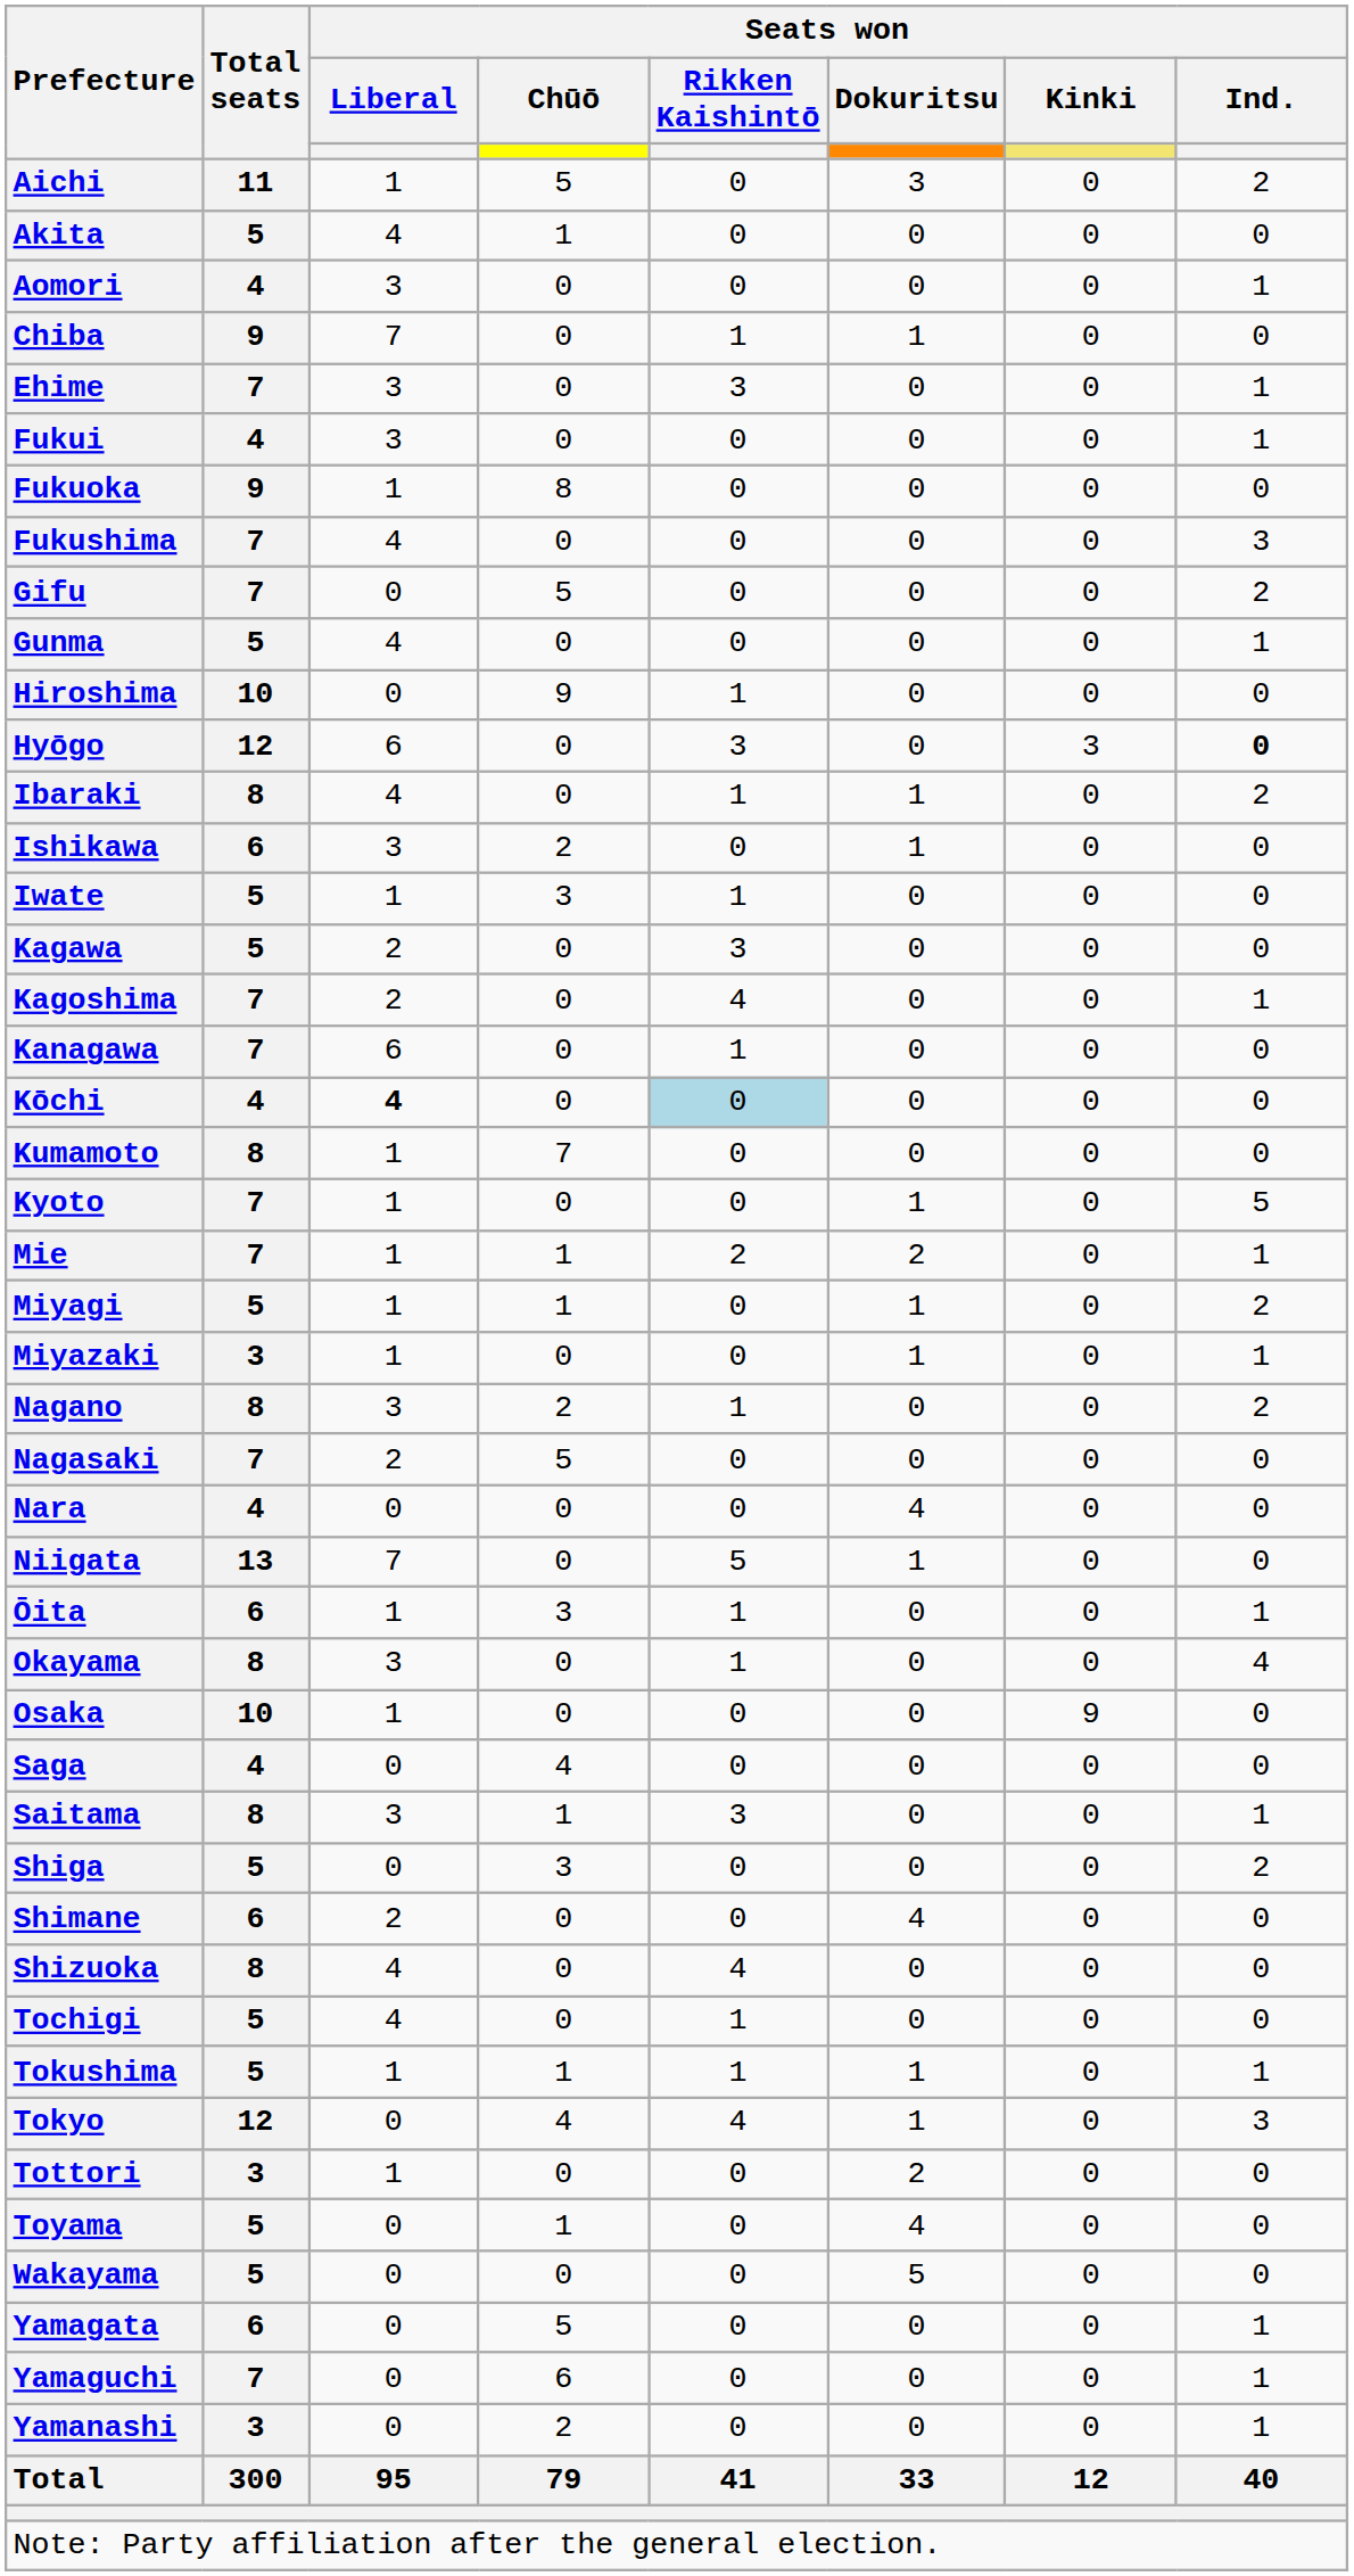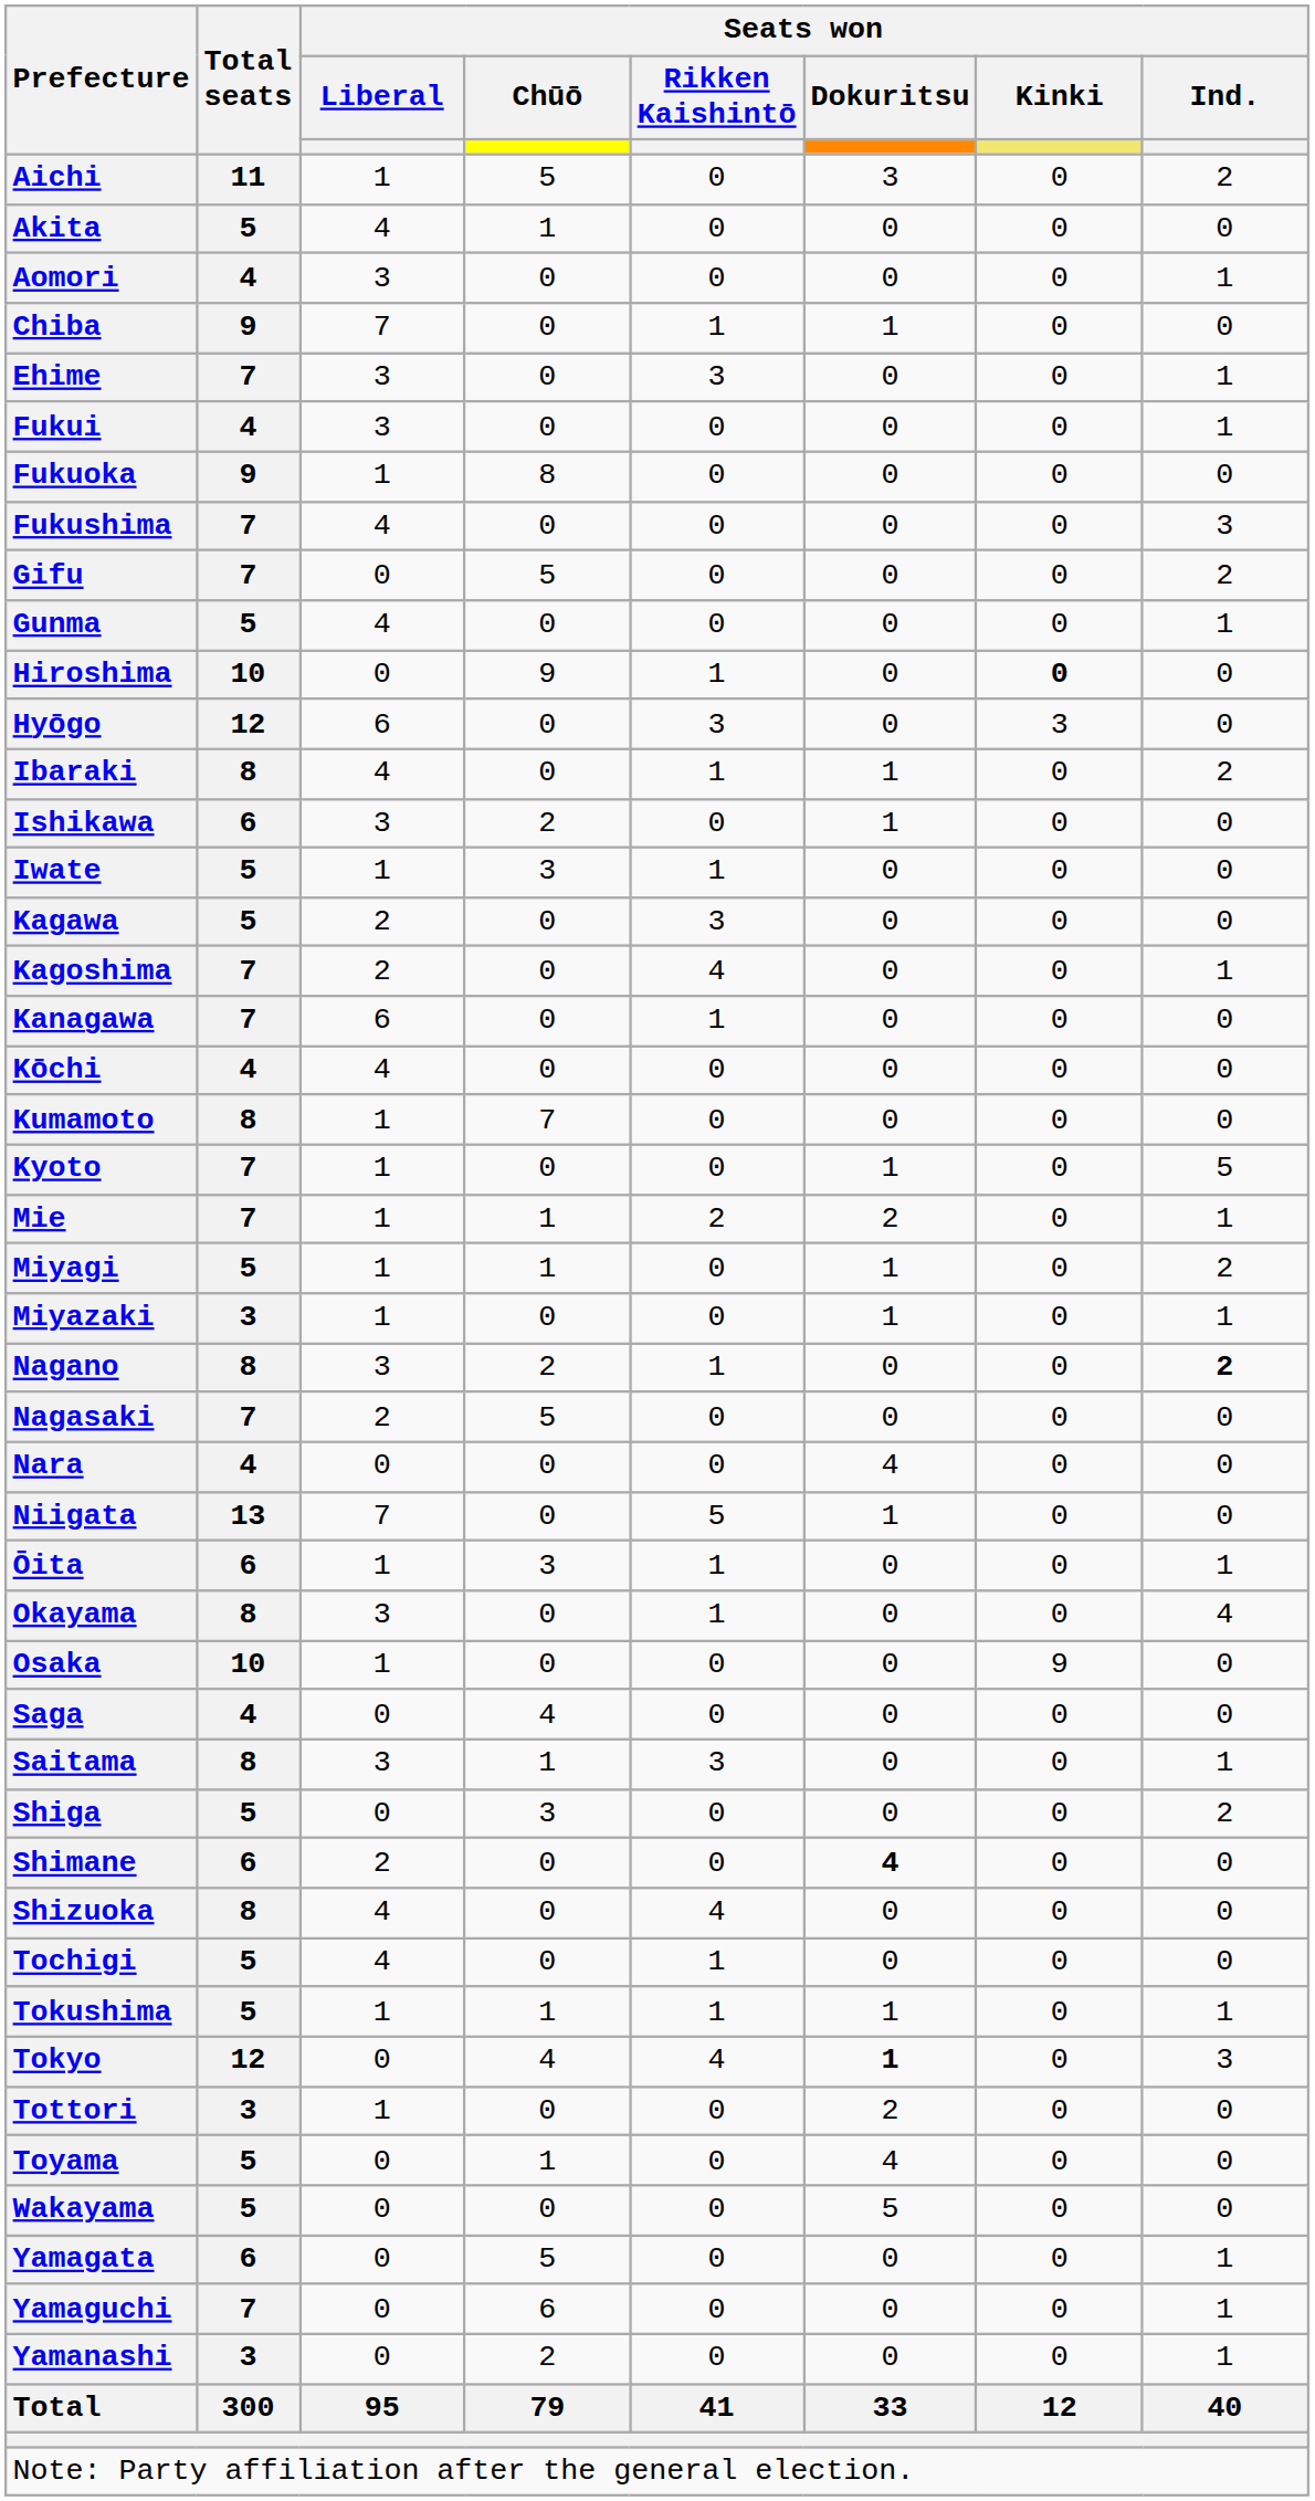 <table class="wikitable" style="text-align:center; font-size: 0.9em;">
 <tr>
 <th rowspan="3">Prefecture</th>
 <th rowspan="3">Total<br>seats</th>
 <th colspan="6">Seats won</th>
 </tr>
 <tr>
 <th class="unsortable" style="width:60px;"><a href='#'>Liberal</a></th>
 <th class="unsortable" style="width:60px;">Chūō</th>
 <th class="unsortable" style="width:60px;"><a href='#'>Rikken Kaishintō</a></th>
 <th class="unsortable" style="width:60px;">Dokuritsu</th>
 <th class="unsortable" style="width:60px;">Kinki</th>
 <th class="unsortable" style="width:60px;">Ind.</th>
 </tr>
 <tr>
 <th style="background:"></th>
 <th style="background:#FFFF00;"></th>
 <th style="background:"></th>
 <th style="background:#FF8800;"></th>
 <th style="background:#F2E671;"></th>
 <th style="background:"></th>
 </tr>
 <tr>
 <th style="text-align: left;"><a href='#'>Aichi</a></th>
 <th>11</th>
 <td>1</td>
 <td>5</td>
 <td>0</td>
 <td>3</td>
 <td>0</td>
 <td>2</td>
 </tr>
 <tr>
 <th style="text-align: left;"><a href='#'>Akita</a></th>
 <th>5</th>
 <td>4</td>
 <td>1</td>
 <td>0</td>
 <td>0</td>
 <td>0</td>
 <td>0</td>
 </tr>
 <tr>
 <th style="text-align: left;"><a href='#'>Aomori</a></th>
 <th>4</th>
 <td>3</td>
 <td>0</td>
 <td>0</td>
 <td>0</td>
 <td>0</td>
 <td>1</td>
 </tr>
 <tr>
 <th style="text-align: left;"><a href='#'>Chiba</a></th>
 <th>9</th>
 <td>7</td>
 <td>0</td>
 <td>1</td>
 <td>1</td>
 <td>0</td>
 <td>0</td>
 </tr>
 <tr>
 <th style="text-align: left;"><a href='#'>Ehime</a></th>
 <th>7</th>
 <td>3</td>
 <td>0</td>
 <td>3</td>
 <td>0</td>
 <td>0</td>
 <td>1</td>
 </tr>
 <tr>
 <th style="text-align: left;"><a href='#'>Fukui</a></th>
 <th>4</th>
 <td>3</td>
 <td>0</td>
 <td>0</td>
 <td>0</td>
 <td>0</td>
 <td>1</td>
 </tr>
 <tr>
 <th style="text-align: left;"><a href='#'>Fukuoka</a></th>
 <th>9</th>
 <td>1</td>
 <td>8</td>
 <td>0</td>
 <td>0</td>
 <td>0</td>
 <td>0</td>
 </tr>
 <tr>
 <th style="text-align: left;"><a href='#'>Fukushima</a></th>
 <th>7</th>
 <td>4</td>
 <td>0</td>
 <td>0</td>
 <td>0</td>
 <td>0</td>
 <td>3</td>
 </tr>
 <tr>
 <th style="text-align: left;"><a href='#'>Gifu</a></th>
 <th>7</th>
 <td>0</td>
 <td>5</td>
 <td>0</td>
 <td>0</td>
 <td>0</td>
 <td>2</td>
 </tr>
 <tr>
 <th style="text-align: left;"><a href='#'>Gunma</a></th>
 <th>5</th>
 <td>4</td>
 <td>0</td>
 <td>0</td>
 <td>0</td>
 <td>0</td>
 <td>1</td>
 </tr>
 <tr>
 <th style="text-align: left;"><a href='#'>Hiroshima</a></th>
 <th>10</th>
 <td>0</td>
 <td>9</td>
 <td>1</td>
 <td>0</td>
-<td>0</td>
+<td><strong>0</strong></td>
 <td>0</td>
 </tr>
 <tr>
 <th style="text-align: left;"><a href='#'>Hyōgo</a></th>
 <th>12</th>
 <td>6</td>
 <td>0</td>
 <td>3</td>
 <td>0</td>
 <td>3</td>
-<td><strong>0</strong></td>
+<td>0</td>
 </tr>
 <tr>
 <th style="text-align: left;"><a href='#'>Ibaraki</a></th>
 <th>8</th>
 <td>4</td>
 <td>0</td>
 <td>1</td>
 <td>1</td>
 <td>0</td>
 <td>2</td>
 </tr>
 <tr>
 <th style="text-align: left;"><a href='#'>Ishikawa</a></th>
 <th>6</th>
 <td>3</td>
 <td>2</td>
 <td>0</td>
 <td>1</td>
 <td>0</td>
 <td>0</td>
 </tr>
 <tr>
 <th style="text-align: left;"><a href='#'>Iwate</a></th>
 <th>5</th>
 <td>1</td>
 <td>3</td>
 <td>1</td>
 <td>0</td>
 <td>0</td>
 <td>0</td>
 </tr>
 <tr>
 <th style="text-align: left;"><a href='#'>Kagawa</a></th>
 <th>5</th>
 <td>2</td>
 <td>0</td>
 <td>3</td>
 <td>0</td>
 <td>0</td>
 <td>0</td>
 </tr>
 <tr>
 <th style="text-align: left;"><a href='#'>Kagoshima</a></th>
 <th>7</th>
 <td>2</td>
 <td>0</td>
 <td>4</td>
 <td>0</td>
 <td>0</td>
 <td>1</td>
 </tr>
 <tr>
 <th style="text-align: left;"><a href='#'>Kanagawa</a></th>
 <th>7</th>
 <td>6</td>
 <td>0</td>
 <td>1</td>
 <td>0</td>
 <td>0</td>
 <td>0</td>
 </tr>
 <tr>
 <th style="text-align: left;"><a href='#'>Kōchi</a></th>
 <th>4</th>
-<td><strong>4</strong></td>
+<td>4</td>
 <td>0</td>
-<td style="background: lightblue;">0</td>
+<td>0</td>
 <td>0</td>
 <td>0</td>
 <td>0</td>
 </tr>
 <tr>
 <th style="text-align: left;"><a href='#'>Kumamoto</a></th>
 <th>8</th>
 <td>1</td>
 <td>7</td>
 <td>0</td>
 <td>0</td>
 <td>0</td>
 <td>0</td>
 </tr>
 <tr>
 <th style="text-align: left;"><a href='#'>Kyoto</a></th>
 <th>7</th>
 <td>1</td>
 <td>0</td>
 <td>0</td>
 <td>1</td>
 <td>0</td>
 <td>5</td>
 </tr>
 <tr>
 <th style="text-align: left;"><a href='#'>Mie</a></th>
 <th>7</th>
 <td>1</td>
 <td>1</td>
 <td>2</td>
 <td>2</td>
 <td>0</td>
 <td>1</td>
 </tr>
 <tr>
 <th style="text-align: left;"><a href='#'>Miyagi</a></th>
 <th>5</th>
 <td>1</td>
 <td>1</td>
 <td>0</td>
 <td>1</td>
 <td>0</td>
 <td>2</td>
 </tr>
 <tr>
 <th style="text-align: left;"><a href='#'>Miyazaki</a></th>
 <th>3</th>
 <td>1</td>
 <td>0</td>
 <td>0</td>
 <td>1</td>
 <td>0</td>
 <td>1</td>
 </tr>
 <tr>
 <th style="text-align: left;"><a href='#'>Nagano</a></th>
 <th>8</th>
 <td>3</td>
 <td>2</td>
 <td>1</td>
 <td>0</td>
 <td>0</td>
-<td>2</td>
+<td><strong>2</strong></td>
 </tr>
 <tr>
 <th style="text-align: left;"><a href='#'>Nagasaki</a></th>
 <th>7</th>
 <td>2</td>
 <td>5</td>
 <td>0</td>
 <td>0</td>
 <td>0</td>
 <td>0</td>
 </tr>
 <tr>
 <th style="text-align: left;"><a href='#'>Nara</a></th>
 <th>4</th>
 <td>0</td>
 <td>0</td>
 <td>0</td>
 <td>4</td>
 <td>0</td>
 <td>0</td>
 </tr>
 <tr>
 <th style="text-align: left;"><a href='#'>Niigata</a></th>
 <th>13</th>
 <td>7</td>
 <td>0</td>
 <td>5</td>
 <td>1</td>
 <td>0</td>
 <td>0</td>
 </tr>
 <tr>
 <th style="text-align: left;"><a href='#'>Ōita</a></th>
 <th>6</th>
 <td>1</td>
 <td>3</td>
 <td>1</td>
 <td>0</td>
 <td>0</td>
 <td>1</td>
 </tr>
 <tr>
 <th style="text-align: left;"><a href='#'>Okayama</a></th>
 <th>8</th>
 <td>3</td>
 <td>0</td>
 <td>1</td>
 <td>0</td>
 <td>0</td>
 <td>4</td>
 </tr>
 <tr>
 <th style="text-align: left;"><a href='#'>Osaka</a></th>
 <th>10</th>
 <td>1</td>
 <td>0</td>
 <td>0</td>
 <td>0</td>
 <td>9</td>
 <td>0</td>
 </tr>
 <tr>
 <th style="text-align: left;"><a href='#'>Saga</a></th>
 <th>4</th>
 <td>0</td>
 <td>4</td>
 <td>0</td>
 <td>0</td>
 <td>0</td>
 <td>0</td>
 </tr>
 <tr>
 <th style="text-align: left;"><a href='#'>Saitama</a></th>
 <th>8</th>
 <td>3</td>
 <td>1</td>
 <td>3</td>
 <td>0</td>
 <td>0</td>
 <td>1</td>
 </tr>
 <tr>
 <th style="text-align: left;"><a href='#'>Shiga</a></th>
 <th>5</th>
 <td>0</td>
 <td>3</td>
 <td>0</td>
 <td>0</td>
 <td>0</td>
 <td>2</td>
 </tr>
 <tr>
 <th style="text-align: left;"><a href='#'>Shimane</a></th>
 <th>6</th>
 <td>2</td>
 <td>0</td>
 <td>0</td>
-<td>4</td>
+<td><strong>4</strong></td>
 <td>0</td>
 <td>0</td>
 </tr>
 <tr>
 <th style="text-align: left;"><a href='#'>Shizuoka</a></th>
 <th>8</th>
 <td>4</td>
 <td>0</td>
 <td>4</td>
 <td>0</td>
 <td>0</td>
 <td>0</td>
 </tr>
 <tr>
 <th style="text-align: left;"><a href='#'>Tochigi</a></th>
 <th>5</th>
 <td>4</td>
 <td>0</td>
 <td>1</td>
 <td>0</td>
 <td>0</td>
 <td>0</td>
 </tr>
 <tr>
 <th style="text-align: left;"><a href='#'>Tokushima</a></th>
 <th>5</th>
 <td>1</td>
 <td>1</td>
 <td>1</td>
 <td>1</td>
 <td>0</td>
 <td>1</td>
 </tr>
 <tr>
 <th style="text-align: left;"><a href='#'>Tokyo</a></th>
 <th>12</th>
 <td>0</td>
 <td>4</td>
 <td>4</td>
-<td>1</td>
+<td><strong>1</strong></td>
 <td>0</td>
 <td>3</td>
 </tr>
 <tr>
 <th style="text-align: left;"><a href='#'>Tottori</a></th>
 <th>3</th>
 <td>1</td>
 <td>0</td>
 <td>0</td>
 <td>2</td>
 <td>0</td>
 <td>0</td>
 </tr>
 <tr>
 <th style="text-align: left;"><a href='#'>Toyama</a></th>
 <th>5</th>
 <td>0</td>
 <td>1</td>
 <td>0</td>
 <td>4</td>
 <td>0</td>
 <td>0</td>
 </tr>
 <tr>
 <th style="text-align: left;"><a href='#'>Wakayama</a></th>
 <th>5</th>
 <td>0</td>
 <td>0</td>
 <td>0</td>
 <td>5</td>
 <td>0</td>
 <td>0</td>
 </tr>
 <tr>
 <th style="text-align: left;"><a href='#'>Yamagata</a></th>
 <th>6</th>
 <td>0</td>
 <td>5</td>
 <td>0</td>
 <td>0</td>
 <td>0</td>
 <td>1</td>
 </tr>
 <tr>
 <th style="text-align: left;"><a href='#'>Yamaguchi</a></th>
 <th>7</th>
 <td>0</td>
 <td>6</td>
 <td>0</td>
 <td>0</td>
 <td>0</td>
 <td>1</td>
 </tr>
 <tr>
 <th style="text-align: left;"><a href='#'>Yamanashi</a></th>
 <th>3</th>
 <td>0</td>
 <td>2</td>
 <td>0</td>
 <td>0</td>
 <td>0</td>
 <td>1</td>
 </tr>
 <tr class="sortbottom">
 <th style="text-align: left;">Total</th>
 <th>300</th>
 <th>95</th>
 <th>79</th>
 <th>41</th>
 <th>33</th>
 <th>12</th>
 <th>40</th>
 </tr>
 <tr>
 <th colspan="8"></th>
 </tr>
 <tr>
 <td colspan="8" style="text-align: left;">Note: Party affiliation after the general election.</td>
 </tr>
 </table>
